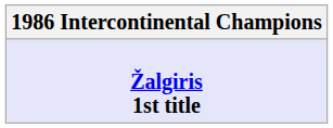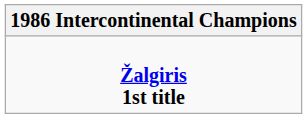 <table class=wikitable style="text-align:center; margin:auto">
 <tr>
 <th>1986 Intercontinental Champions</th>
 </tr>
 <tr>
-<td style="background: lavender;"><br> <strong><a href='#'>Žalgiris</a></strong> <br> <strong>1st title</strong></td>
+<td><br> <strong><a href='#'>Žalgiris</a></strong> <br> <strong>1st title</strong></td>
 </tr>
 </table>
